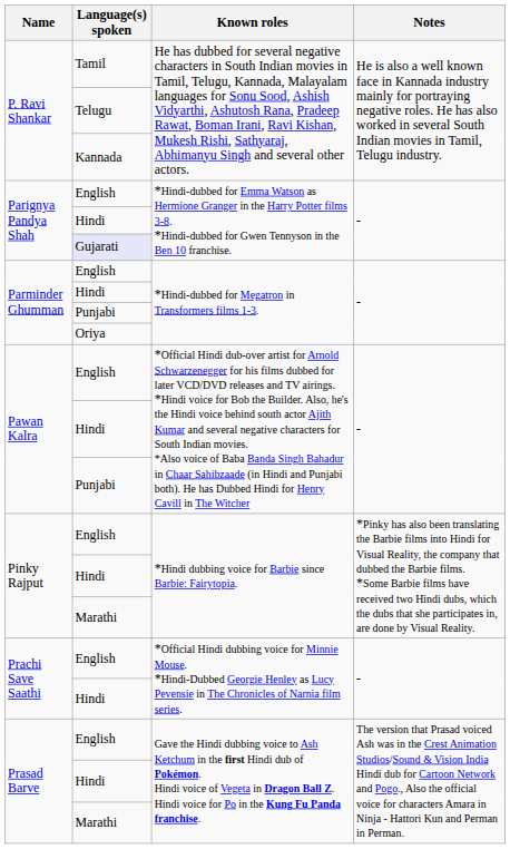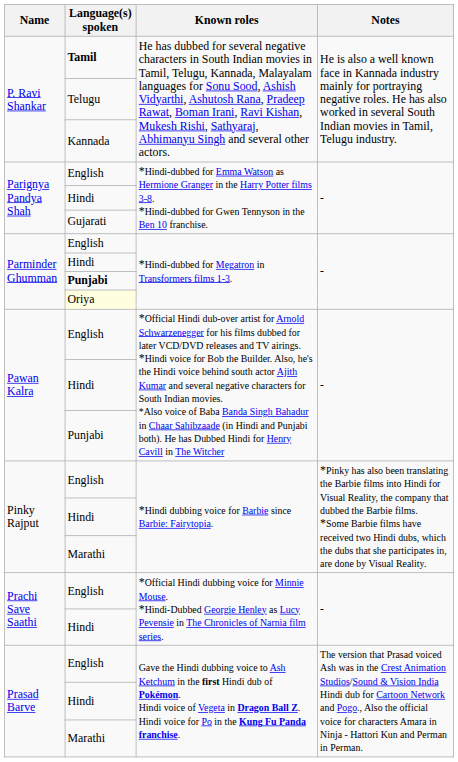 <table class="wikitable sortable">
 <tr>
 <th>Name</th>
 <th>Language(s) spoken</th>
 <th>Known roles</th>
 <th>Notes</th>
 </tr>
 <tr>
 <td rowspan="3"><a href='#'>P. Ravi Shankar</a></td>
-<td>Tamil</td>
+<td><strong>Tamil</strong></td>
 <td rowspan="3">He has dubbed for several negative characters in South Indian movies in Tamil, Telugu, Kannada, Malayalam languages for <a href='#'>Sonu Sood</a>, <a href='#'>Ashish Vidyarthi</a>, <a href='#'>Ashutosh Rana</a>, <a href='#'>Pradeep Rawat</a>, <a href='#'>Boman Irani</a>, <a href='#'>Ravi Kishan</a>, <a href='#'>Mukesh Rishi</a>, <a href='#'>Sathyaraj</a>, <a href='#'>Abhimanyu Singh</a> and several other actors.</td>
 <td rowspan="3">He is also a well known face in Kannada industry mainly for portraying negative roles. He has also worked in several South Indian movies in Tamil, Telugu industry.</td>
 </tr>
 <tr>
 <td>Telugu</td>
 </tr>
 <tr>
 <td>Kannada</td>
 </tr>
 <tr>
 <td rowspan="3"><a href='#'>Parignya Pandya Shah</a></td>
 <td>English</td>
 <td rowspan="3">*<small>Hindi-dubbed for <a href='#'>Emma Watson</a> as <a href='#'>Hermione Granger</a> in the <a href='#'>Harry Potter films 3-8</a>.</small> <br> *<small>Hindi-dubbed for Gwen Tennyson in the <a href='#'>Ben 10</a> franchise.</small></td>
 <td rowspan="3">-</td>
 </tr>
 <tr>
 <td>Hindi</td>
 </tr>
 <tr>
-<td style="background: lavender;">Gujarati</td>
+<td>Gujarati</td>
 </tr>
 <tr>
 <td rowspan="4"><a href='#'>Parminder Ghumman</a></td>
 <td>English</td>
 <td rowspan="4">*<small>Hindi-dubbed for <a href='#'>Megatron</a> in <a href='#'>Transformers films 1-3</a>.</small></td>
 <td rowspan="4">-</td>
 </tr>
 <tr>
 <td>Hindi</td>
 </tr>
 <tr>
-<td>Punjabi</td>
+<td><strong>Punjabi</strong></td>
 </tr>
 <tr>
-<td>Oriya</td>
+<td style="background: lightyellow;">Oriya</td>
 </tr>
 <tr>
 <td rowspan="3"><a href='#'>Pawan Kalra</a></td>
 <td>English</td>
 <td rowspan="3">*<small>Official Hindi dub-over artist for <a href='#'>Arnold Schwarzenegger</a> for his films dubbed for later VCD/DVD releases and TV airings.</small> <br> *<small>Hindi voice for Bob the Builder. Also, he's the Hindi voice behind south actor <a href='#'>Ajith Kumar</a> and several negative characters for South Indian movies.<br>*Also voice of Baba <a href='#'>Banda Singh Bahadur</a> in <a href='#'>Chaar Sahibzaade</a> (in Hindi and Punjabi both). He has Dubbed Hindi for <a href='#'>Henry Cavill</a> in <a href='#'>The Witcher</a></small></td>
 <td rowspan="3">-</td>
 </tr>
 <tr>
 <td>Hindi</td>
 </tr>
 <tr>
 <td>Punjabi</td>
 </tr>
 <tr>
 <td rowspan="3">Pinky Rajput</td>
 <td>English</td>
 <td rowspan="3">*<small>Hindi dubbing voice for <a href='#'>Barbie</a> since <a href='#'>Barbie: Fairytopia</a>.</small></td>
 <td rowspan="3">*<small>Pinky has also been translating the Barbie films into Hindi for Visual Reality, the company that dubbed the Barbie films.</small> <br> *<small>Some Barbie films have received two Hindi dubs, which the dubs that she participates in, are done by Visual Reality.</small></td>
 </tr>
 <tr>
 <td>Hindi</td>
 </tr>
 <tr>
 <td>Marathi</td>
 </tr>
 <tr>
 <td rowspan="2"><a href='#'>Prachi Save Saathi</a></td>
 <td>English</td>
 <td rowspan="2">*<small>Official Hindi dubbing voice for <a href='#'>Minnie Mouse</a>.</small> <br> *<small>Hindi-Dubbed <a href='#'>Georgie Henley</a> as <a href='#'>Lucy Pevensie</a> in <a href='#'>The Chronicles of Narnia film series</a>.</small></td>
 <td rowspan="2">-</td>
 </tr>
 <tr>
 <td>Hindi</td>
 </tr>
 <tr>
 <td rowspan="3"><a href='#'>Prasad Barve</a></td>
 <td>English</td>
 <td rowspan="3"><small>Gave the Hindi dubbing voice to <a href='#'>Ash Ketchum</a> in the <strong>first</strong> Hindi dub of <strong><a href='#'>Pokémon</a></strong>.</small> <br> <small>Hindi voice of <a href='#'>Vegeta</a> in <strong><a href='#'>Dragon Ball Z</a></strong>.<br>Hindi voice for <a href='#'>Po</a> in the <strong><a href='#'>Kung Fu Panda franchise</a></strong>.</small></td>
 <td rowspan="3"><small>The version that Prasad voiced Ash was in the <a href='#'>Crest Animation Studios</a>/<a href='#'>Sound & Vision India</a> Hindi dub for <a href='#'>Cartoon Network</a> and <a href='#'>Pogo</a>., Also the official voice for characters Amara in Ninja - Hattori Kun and Perman in Perman.</small></td>
 </tr>
 <tr>
 <td>Hindi</td>
 </tr>
 <tr>
 <td>Marathi</td>
 </tr>
 </table>
